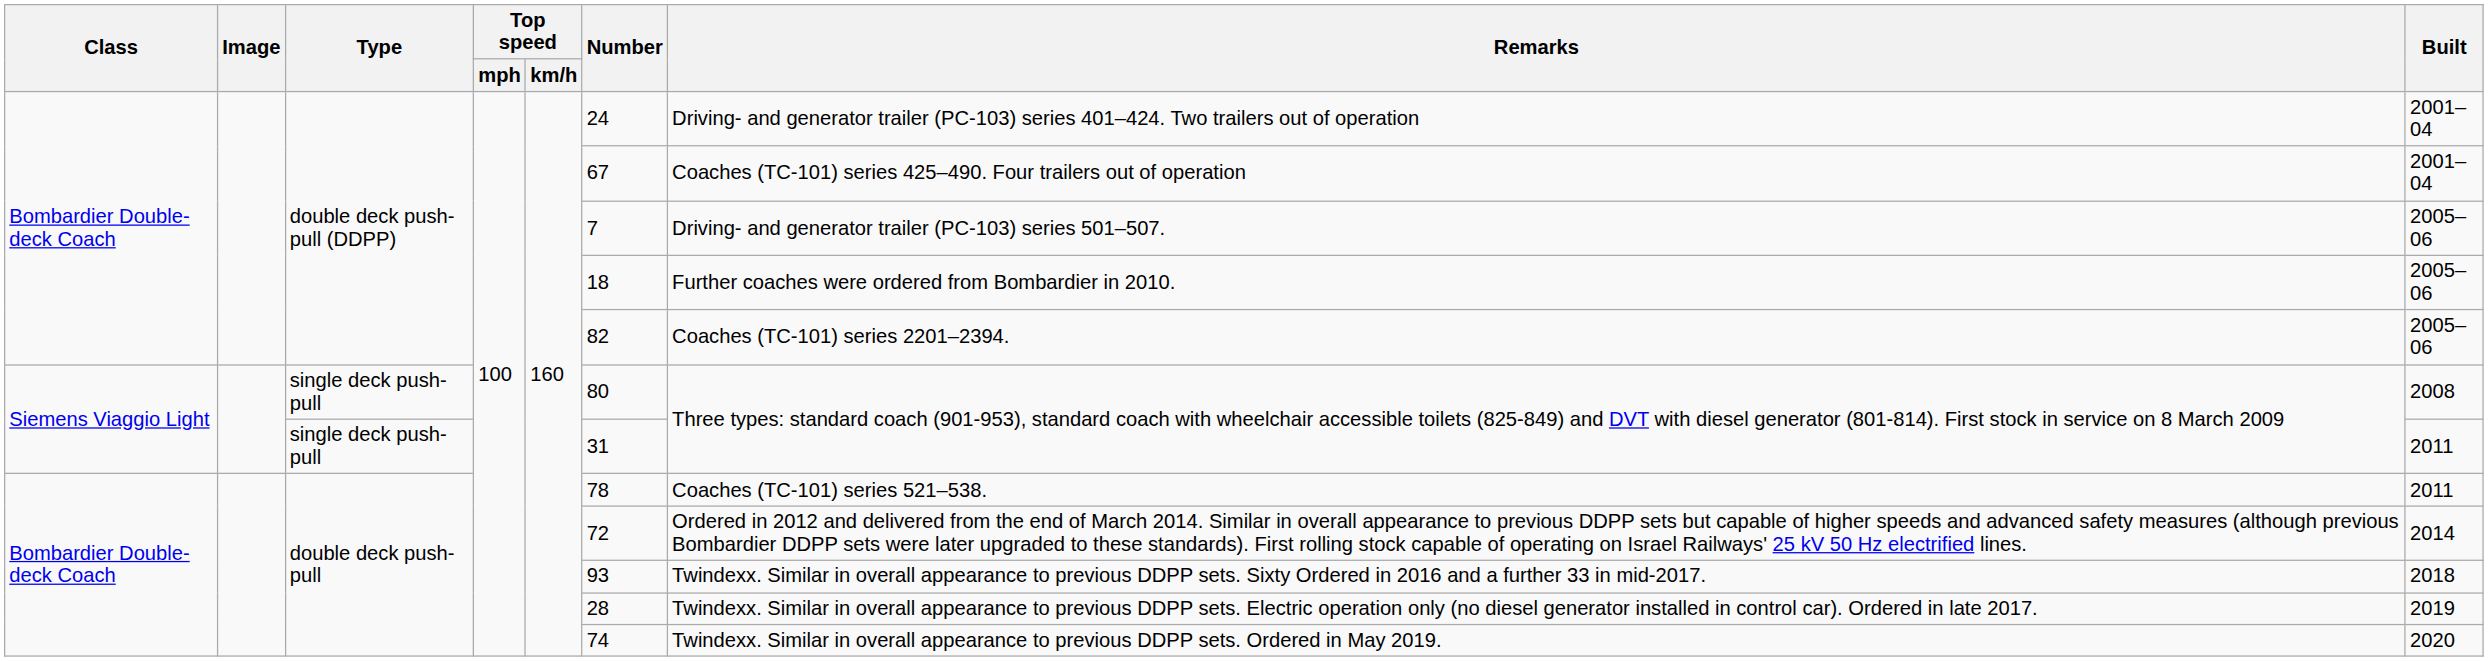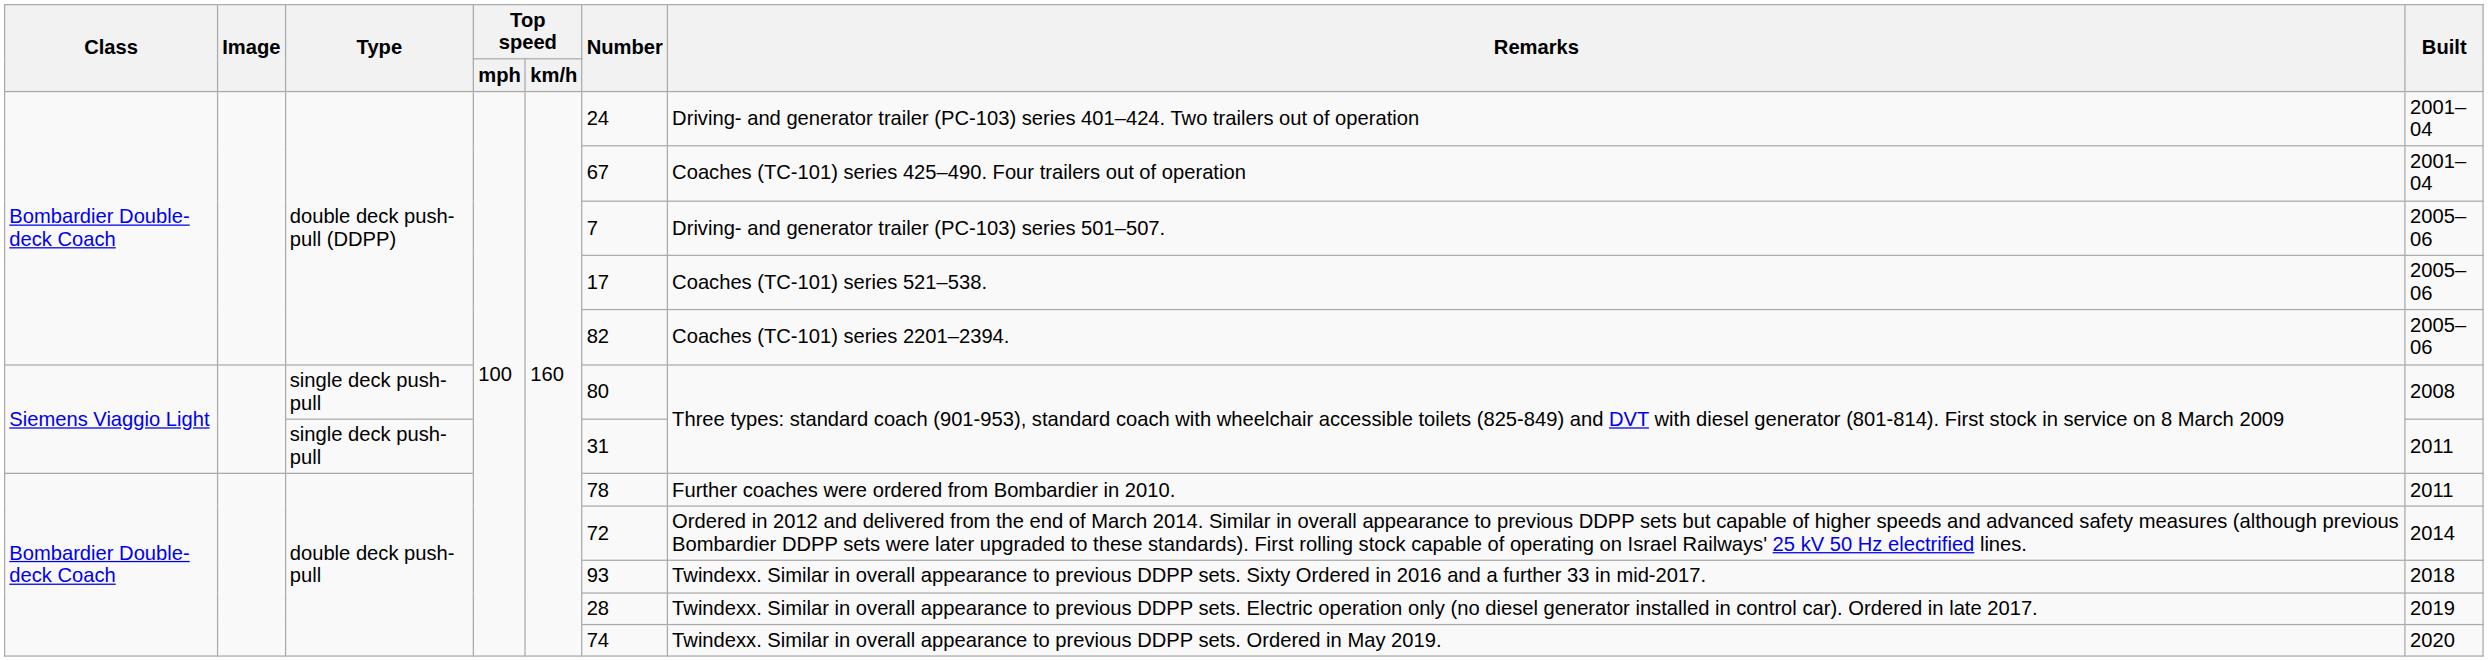 <table class="wikitable">
 <tr style="background:#f9f9f9;">
 <th rowspan="2">Class</th>
 <th rowspan="2">Image</th>
 <th rowspan="2">Type</th>
 <th colspan="2">Top speed</th>
 <th rowspan="2">Number</th>
 <th rowspan="2">Remarks</th>
 <th rowspan="2">Built</th>
 </tr>
 <tr style="background:#f9f9f9;">
 <th>mph</th>
 <th>km/h</th>
 </tr>
 <tr>
 <td rowspan="5"><a href='#'>Bombardier Double-deck Coach</a></td>
 <td rowspan="5"></td>
 <td rowspan="5">double deck push-pull (DDPP)</td>
 <td rowspan="12">100</td>
 <td rowspan="12">160</td>
 <td>24</td>
 <td>Driving- and generator trailer (PC-103) series 401–424. Two trailers out of operation</td>
 <td>2001–04</td>
 </tr>
 <tr>
 <td>67</td>
 <td>Coaches (TC-101) series 425–490. Four trailers out of operation</td>
 <td>2001–04</td>
 </tr>
 <tr>
 <td>7</td>
 <td>Driving- and generator trailer (PC-103) series 501–507.</td>
 <td>2005–06</td>
 </tr>
 <tr>
-<td>18</td>
-<td>Further coaches were ordered from Bombardier in 2010.</td>
+<td>17</td>
+<td>Coaches (TC-101) series 521–538.</td>
 <td>2005–06</td>
 </tr>
 <tr>
 <td>82</td>
 <td>Coaches (TC-101) series 2201–2394.</td>
 <td>2005–06</td>
 </tr>
 <tr>
 <td rowspan="2"><a href='#'>Siemens Viaggio Light</a></td>
 <td rowspan="2"></td>
 <td>single deck push-pull</td>
 <td>80</td>
 <td rowspan="2">Three types: standard coach (901-953), standard coach with wheelchair accessible toilets (825-849) and <a href='#'>DVT</a> with diesel generator (801-814). First stock in service on 8 March 2009</td>
 <td>2008</td>
 </tr>
 <tr>
 <td>single deck push-pull</td>
 <td>31</td>
 <td>2011</td>
 </tr>
 <tr>
 <td rowspan="5"><a href='#'>Bombardier Double-deck Coach</a></td>
 <td rowspan="5"></td>
 <td rowspan="5">double deck push-pull</td>
 <td>78</td>
-<td>Coaches (TC-101) series 521–538.</td>
+<td>Further coaches were ordered from Bombardier in 2010.</td>
 <td>2011</td>
 </tr>
 <tr>
 <td>72</td>
 <td>Ordered in 2012 and delivered from the end of March 2014. Similar in overall appearance to previous DDPP sets but capable of higher speeds and advanced safety measures (although previous Bombardier DDPP sets were later upgraded to these standards). First rolling stock capable of operating on Israel Railways' <a href='#'>25 kV 50 Hz electrified</a> lines.</td>
 <td>2014</td>
 </tr>
 <tr>
 <td>93</td>
 <td>Twindexx. Similar in overall appearance to previous DDPP sets. Sixty Ordered in 2016 and a further 33 in mid-2017.</td>
 <td>2018</td>
 </tr>
 <tr>
 <td>28</td>
 <td>Twindexx. Similar in overall appearance to previous DDPP sets. Electric operation only (no diesel generator installed in control car). Ordered in late 2017.</td>
 <td>2019</td>
 </tr>
 <tr>
 <td>74</td>
 <td>Twindexx. Similar in overall appearance to previous DDPP sets. Ordered in May 2019.</td>
 <td>2020</td>
 </tr>
 </table>
